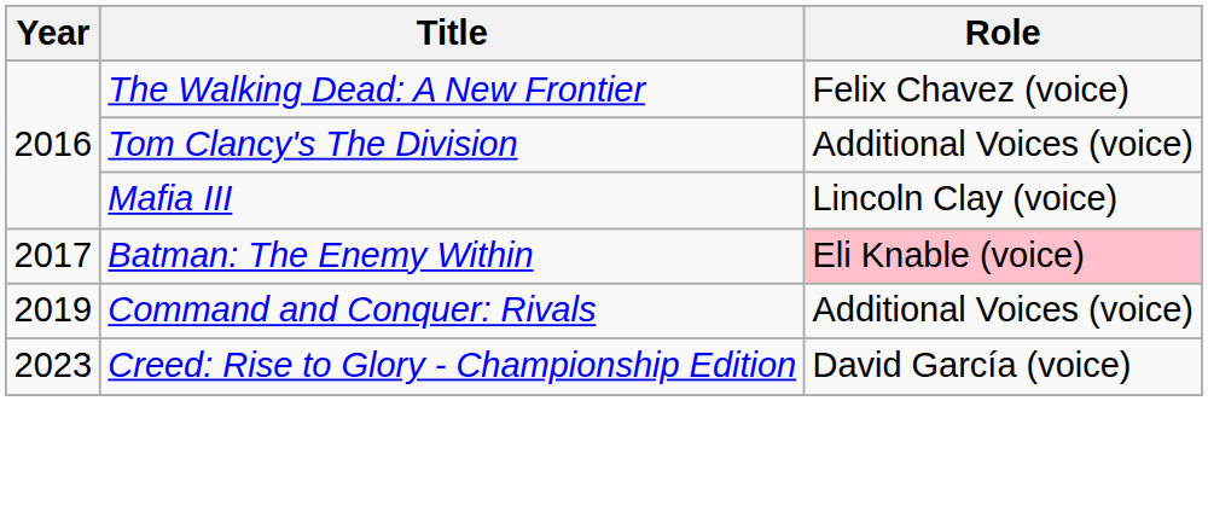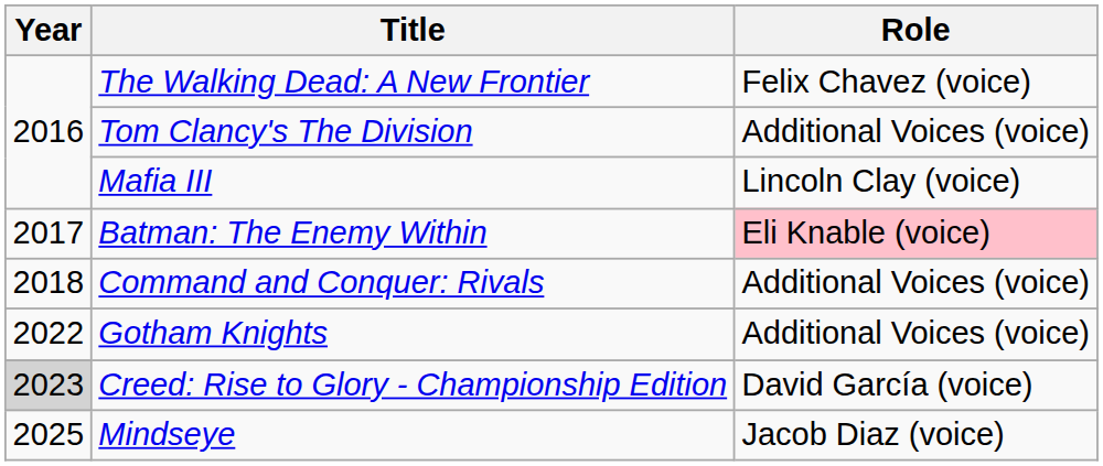 <table class="wikitable plainrowheaders sortable" style="margin–right: 0;">
 <tr>
 <th>Year</th>
 <th>Title</th>
 <th>Role</th>
 </tr>
 <tr>
 <td rowspan=3>2016</td>
 <td><em><a href='#'>The Walking Dead: A New Frontier</a></em></td>
 <td>Felix Chavez (voice)</td>
 </tr>
 <tr>
 <td><em><a href='#'>Tom Clancy's The Division</a></em></td>
 <td>Additional Voices (voice)</td>
 </tr>
 <tr>
 <td><em><a href='#'>Mafia III</a></em></td>
 <td>Lincoln Clay (voice)</td>
 </tr>
 <tr>
 <td>2017</td>
 <td><em><a href='#'>Batman: The Enemy Within</a></em></td>
 <td style="background: pink;">Eli Knable (voice)</td>
 </tr>
 <tr>
-<td>2019</td>
+<td>2018</td>
 <td><em><a href='#'>Command and Conquer: Rivals</a></em></td>
 <td>Additional Voices (voice)</td>
 </tr>
 <tr>
-<td>2023</td>
+<td>2022</td>
+<td><em><a href='#'>Gotham Knights</a></em></td>
+<td>Additional Voices (voice)</td>
+</tr>
+<tr>
+<td style="background: lightgrey;">2023</td>
 <td><em><a href='#'>Creed: Rise to Glory - Championship Edition</a></em></td>
 <td>David García (voice)</td>
 </tr>
+<tr>
+<td>2025</td>
+<td><em><a href='#'>Mindseye</a></em></td>
+<td>Jacob Diaz (voice)</td>
+</tr>
 </table>
